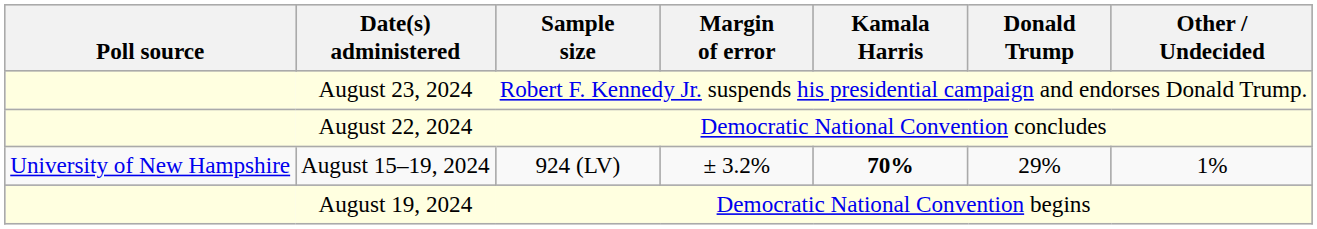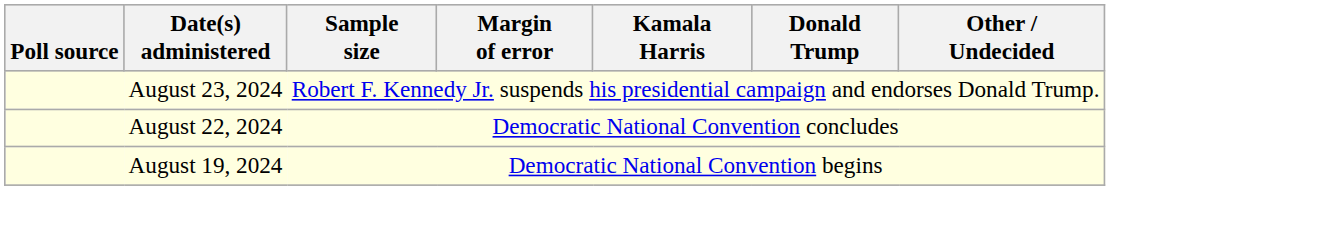 <table class="wikitable sortable mw-datatable" style="font-size:90%;text-align:center;line-height:17px">
 <tr valign=bottom>
 <th>Poll source</th>
 <th>Date(s)<br>administered</th>
 <th>Sample<br>size</th>
 <th>Margin<br>of error</th>
 <th class="unsortable">Kamala<br>Harris<br></th>
 <th class="unsortable">Donald<br>Trump<br></th>
 <th class="unsortable">Other /<br>Undecided</th>
 </tr>
 <tr style="background:lightyellow;">
 <td style="border-right-style:hidden;"></td>
 <td style="border-right-style:hidden; " data-sort-value="2024-08-21">August 23, 2024</td>
 <td colspan="5"><a href='#'>Robert F. Kennedy Jr.</a> suspends <a href='#'>his presidential campaign</a> and endorses Donald Trump.</td>
 </tr>
 <tr style="background:lightyellow;">
 <td style="border-right-style:hidden;"></td>
 <td style="border-right-style:hidden; " data-sort-value="2024-08-22">August 22, 2024</td>
 <td colspan="5"><a href='#'>Democratic National Convention</a> concludes</td>
 </tr>
-<tr>
-<td style="text-align:left;"><a href='#'>University of New Hampshire</a></td>
-<td data-sort-value="2024-08-19">August 15–19, 2024</td>
-<td>924 (LV)</td>
-<td>± 3.2%</td>
-<td style="color:black;background-color:"><strong>70%</strong></td>
-<td>29%</td>
-<td>1%</td>
-</tr>
 <tr style="background:lightyellow;">
 <td style="border-right-style:hidden;"></td>
 <td style="border-right-style:hidden; " data-sort-value="2024-08-19">August 19, 2024</td>
 <td colspan="5"><a href='#'>Democratic National Convention</a> begins</td>
 </tr>
 </table>
